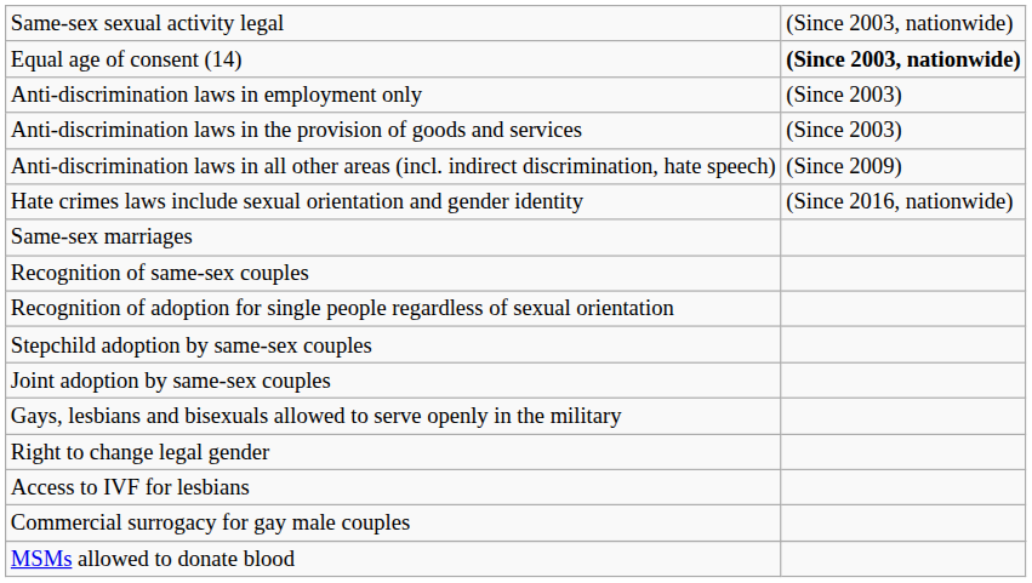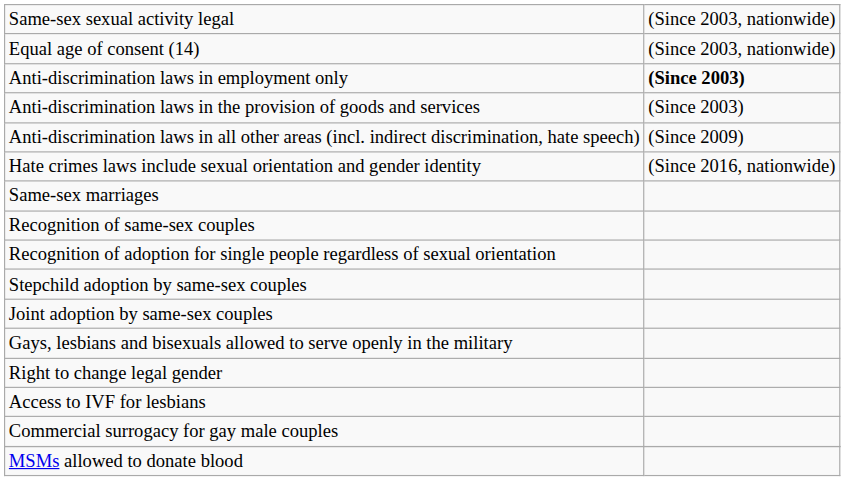 <table class="wikitable">
 <tr>
 <td>Same-sex sexual activity legal</td>
 <td> (Since 2003, nationwide)</td>
 </tr>
 <tr>
 <td>Equal age of consent (14)</td>
-<td><strong> (Since 2003, nationwide)</strong></td>
+<td> (Since 2003, nationwide)</td>
 </tr>
 <tr>
 <td>Anti-discrimination laws in employment only</td>
-<td> (Since 2003)</td>
+<td><strong> (Since 2003)</strong></td>
 </tr>
 <tr>
 <td>Anti-discrimination laws in the provision of goods and services</td>
 <td> (Since 2003)</td>
 </tr>
 <tr>
 <td>Anti-discrimination laws in all other areas (incl. indirect discrimination, hate speech)</td>
 <td> (Since 2009)</td>
 </tr>
 <tr>
 <td>Hate crimes laws include sexual orientation and gender identity</td>
 <td> (Since 2016, nationwide)</td>
 </tr>
 <tr>
 <td>Same-sex marriages</td>
 <td></td>
 </tr>
 <tr>
 <td>Recognition of same-sex couples</td>
 <td></td>
 </tr>
 <tr>
 <td>Recognition of adoption for single people regardless of sexual orientation</td>
 <td></td>
 </tr>
 <tr>
 <td>Stepchild adoption by same-sex couples</td>
 <td></td>
 </tr>
 <tr>
 <td>Joint adoption by same-sex couples</td>
 <td></td>
 </tr>
 <tr>
 <td>Gays, lesbians and bisexuals allowed to serve openly in the military</td>
 <td></td>
 </tr>
 <tr>
 <td>Right to change legal gender</td>
 <td></td>
 </tr>
 <tr>
 <td>Access to IVF for lesbians</td>
 <td></td>
 </tr>
 <tr>
 <td>Commercial surrogacy for gay male couples</td>
 <td></td>
 </tr>
 <tr>
 </tr>
 <tr>
 <td><a href='#'>MSMs</a> allowed to donate blood</td>
 <td></td>
 </tr>
 </table>
